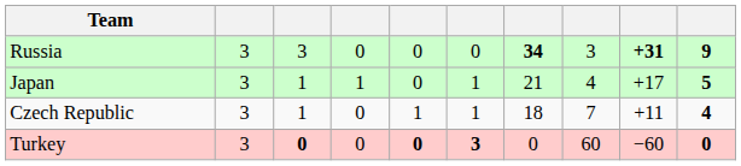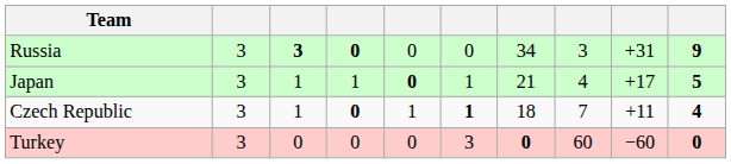 <table class="wikitable" style="text-align:center;">
 <tr>
 <th width=165>Team</th>
 <th width=40></th>
 <th width=40></th>
 <th width=40></th>
 <th width=40></th>
 <th width=40></th>
 <th width=40></th>
 <th width=40></th>
 <th width=40></th>
 <th width=40></th>
 </tr>
 <tr bgcolor=ccffcc>
 <td style="text-align:left;"> Russia</td>
 <td>3</td>
-<td>3</td>
+<td><strong>3</strong></td>
+<td><strong>0</strong></td>
 <td>0</td>
 <td>0</td>
-<td>0</td>
-<td><strong>34</strong></td>
+<td>34</td>
 <td>3</td>
-<td><strong>+31</strong></td>
+<td>+31</td>
 <td><strong>9</strong></td>
 </tr>
 <tr bgcolor=ccffcc>
 <td style="text-align:left;"> Japan</td>
 <td>3</td>
 <td>1</td>
 <td>1</td>
-<td>0</td>
+<td><strong>0</strong></td>
 <td>1</td>
 <td>21</td>
 <td>4</td>
 <td>+17</td>
 <td><strong>5</strong></td>
 </tr>
 <tr style="background5">
 <td style="text-align:left;"> Czech Republic</td>
 <td>3</td>
 <td>1</td>
-<td>0</td>
+<td><strong>0</strong></td>
 <td>1</td>
-<td>1</td>
+<td><strong>1</strong></td>
 <td>18</td>
 <td>7</td>
 <td>+11</td>
 <td><strong>4</strong></td>
 </tr>
 <tr bgcolor=ffcccc>
 <td style="text-align:left;"> Turkey</td>
 <td>3</td>
+<td>0</td>
+<td>0</td>
+<td>0</td>
+<td>3</td>
 <td><strong>0</strong></td>
-<td>0</td>
-<td><strong>0</strong></td>
-<td><strong>3</strong></td>
-<td>0</td>
 <td>60</td>
 <td>−60</td>
 <td><strong>0</strong></td>
 </tr>
 </table>
